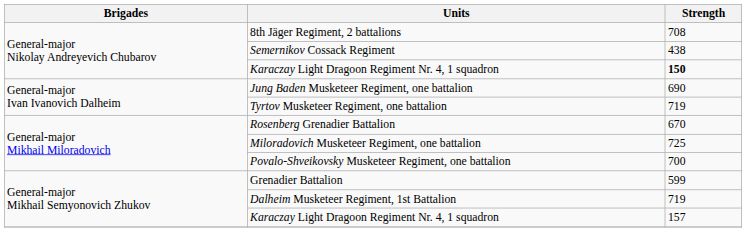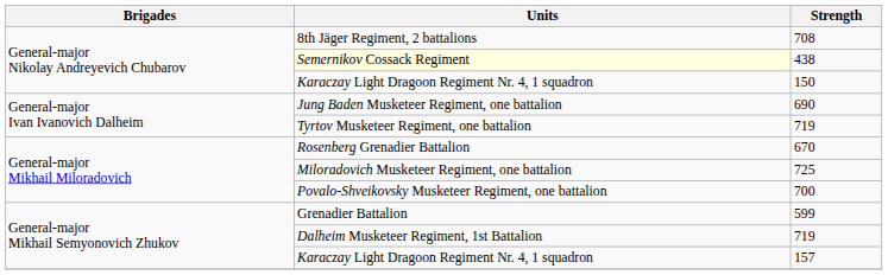 <table class="wikitable" style="text-align:left; width:80%;">
 <tr>
 <th>Brigades</th>
 <th>Units</th>
 <th>Strength</th>
 </tr>
 <tr>
 <td ROWSPAN=3>General-major<br>Nikolay Andreyevich Chubarov</td>
 <td> 8th Jäger Regiment, 2 battalions</td>
 <td>708</td>
 </tr>
 <tr>
-<td> <em>Semernikov</em> Cossack Regiment</td>
+<td style="background: lightyellow;"> <em>Semernikov</em> Cossack Regiment</td>
 <td>438</td>
 </tr>
 <tr>
 <td> <em>Karaczay</em> Light Dragoon Regiment Nr. 4, 1 squadron</td>
-<td><strong>150</strong></td>
+<td>150</td>
 </tr>
 <tr>
 <td ROWSPAN=2>General-major<br>Ivan Ivanovich Dalheim</td>
 <td> <em>Jung Baden</em> Musketeer Regiment, one battalion</td>
 <td>690</td>
 </tr>
 <tr>
 <td> <em>Tyrtov</em> Musketeer Regiment, one battalion</td>
 <td>719</td>
 </tr>
 <tr>
 <td ROWSPAN=3>General-major<br><a href='#'>Mikhail Miloradovich</a></td>
 <td> <em>Rosenberg</em> Grenadier Battalion</td>
 <td>670</td>
 </tr>
 <tr>
 <td> <em>Miloradovich</em> Musketeer Regiment, one battalion</td>
 <td>725</td>
 </tr>
 <tr>
 <td> <em>Povalo-Shveikovsky</em> Musketeer Regiment, one battalion</td>
 <td>700</td>
 </tr>
 <tr>
 <td ROWSPAN=3>General-major<br>Mikhail Semyonovich Zhukov</td>
 <td> Grenadier Battalion</td>
 <td>599</td>
 </tr>
 <tr>
 <td> <em>Dalheim</em> Musketeer Regiment, 1st Battalion</td>
 <td>719</td>
 </tr>
 <tr>
 <td> <em>Karaczay</em> Light Dragoon Regiment Nr. 4, 1 squadron</td>
 <td>157</td>
 </tr>
 <tr>
 </tr>
 </table>
